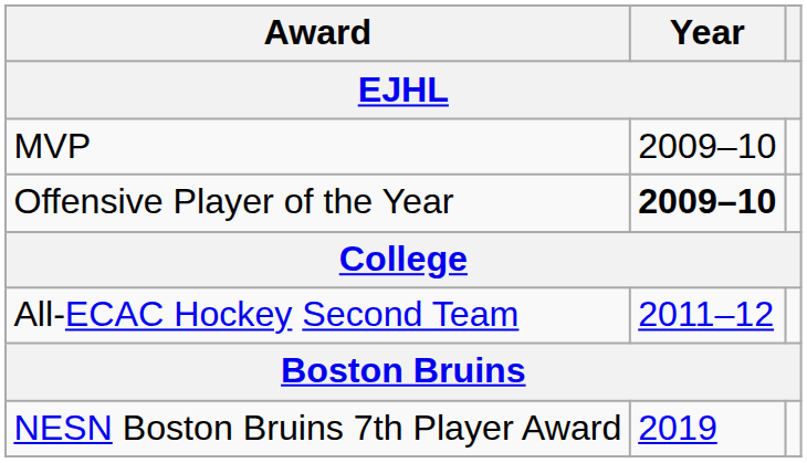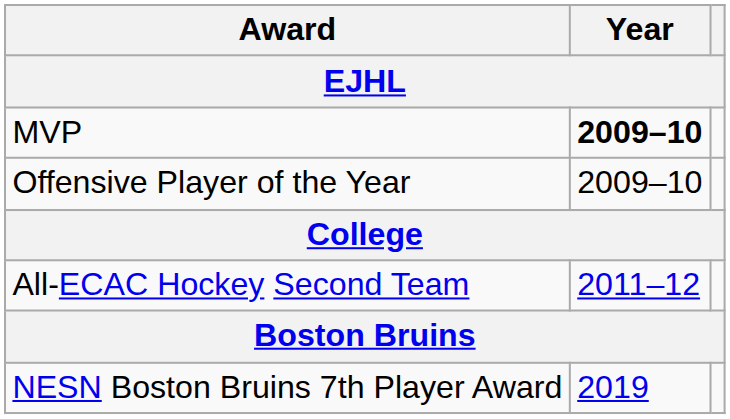 <table class="wikitable">
 <tr>
 <th>Award</th>
 <th>Year</th>
 <th></th>
 </tr>
 <tr ALIGN="center" bgcolor="#e0e0e0">
 <th colspan="3"><a href='#'>EJHL</a></th>
 </tr>
 <tr>
 <td>MVP</td>
-<td>2009–10</td>
+<td><strong>2009–10</strong></td>
 <td></td>
 </tr>
 <tr>
 <td>Offensive Player of the Year</td>
-<td><strong>2009–10</strong></td>
+<td>2009–10</td>
 <td></td>
 </tr>
 <tr ALIGN="center" bgcolor="#e0e0e0">
 <th colspan="3"><a href='#'>College</a></th>
 </tr>
 <tr>
 <td>All-<a href='#'>ECAC Hockey</a> <a href='#'>Second Team</a></td>
 <td><a href='#'>2011–12</a></td>
 <td></td>
 </tr>
 <tr>
 <th colspan="3"><a href='#'>Boston Bruins</a></th>
 </tr>
 <tr>
 <td><a href='#'>NESN</a> Boston Bruins 7th Player Award</td>
 <td><a href='#'>2019</a></td>
 <td></td>
 </tr>
 </table>
